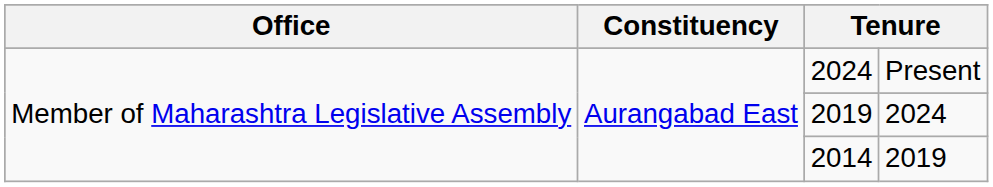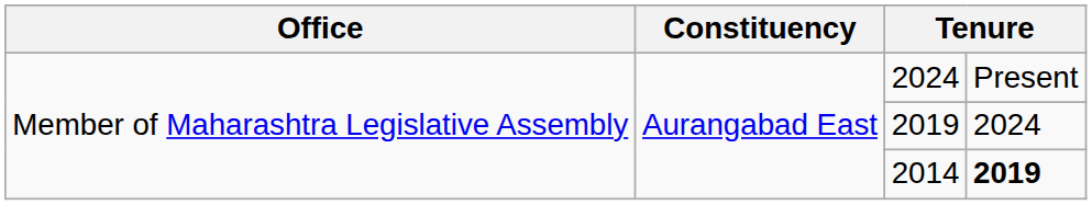 <table class="wikitable">
 <tr>
 <th>Office</th>
 <th>Constituency</th>
 <th colspan="3">Tenure</th>
 </tr>
 <tr>
 <td rowspan="3">Member of <a href='#'>Maharashtra Legislative Assembly</a></td>
 <td rowspan="3"><a href='#'>Aurangabad East</a></td>
 <td>2024</td>
 <td>Present</td>
 </tr>
 <tr>
 <td>2019</td>
 <td>2024</td>
 </tr>
 <tr>
 <td>2014</td>
-<td>2019</td>
+<td><strong>2019</strong></td>
 </tr>
 </table>
